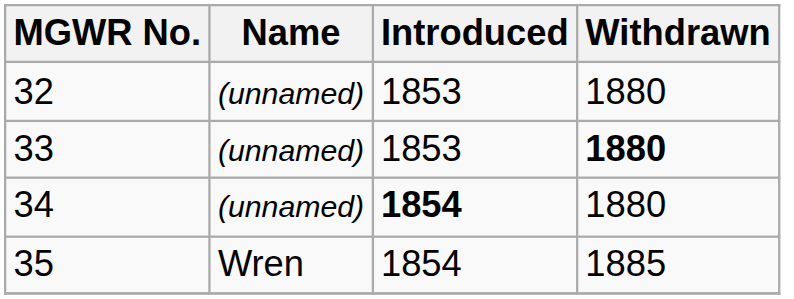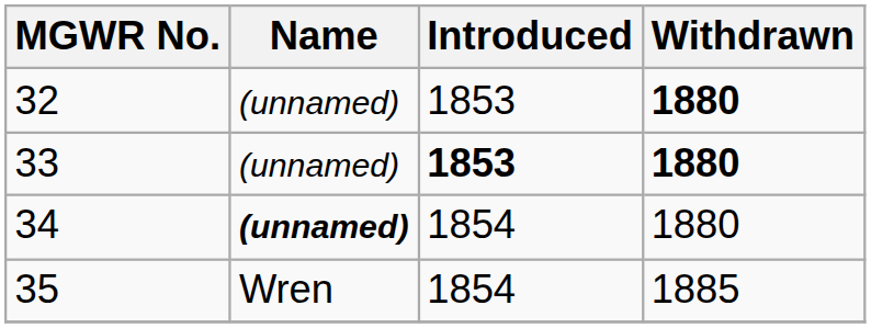 <table class="wikitable">
 <tr>
 <th>MGWR No.</th>
 <th>Name</th>
 <th>Introduced</th>
 <th>Withdrawn</th>
 </tr>
 <tr>
 <td>32</td>
 <td><small><em>(unnamed)</em></small></td>
 <td>1853</td>
-<td>1880</td>
+<td><strong>1880</strong></td>
 </tr>
 <tr>
 <td>33</td>
 <td><small><em>(unnamed)</em></small></td>
-<td>1853</td>
+<td><strong>1853</strong></td>
 <td><strong>1880</strong></td>
 </tr>
 <tr>
 <td>34</td>
-<td><small><em>(unnamed)</em></small></td>
-<td><strong>1854</strong></td>
+<td><strong><small><em>(unnamed)</em></small></strong></td>
+<td>1854</td>
 <td>1880</td>
 </tr>
 <tr>
 <td>35</td>
 <td>Wren</td>
 <td>1854</td>
 <td>1885</td>
 </tr>
 <tr>
 </tr>
 </table>
